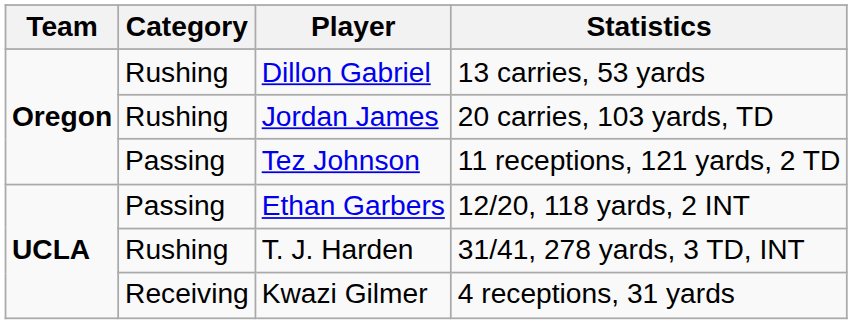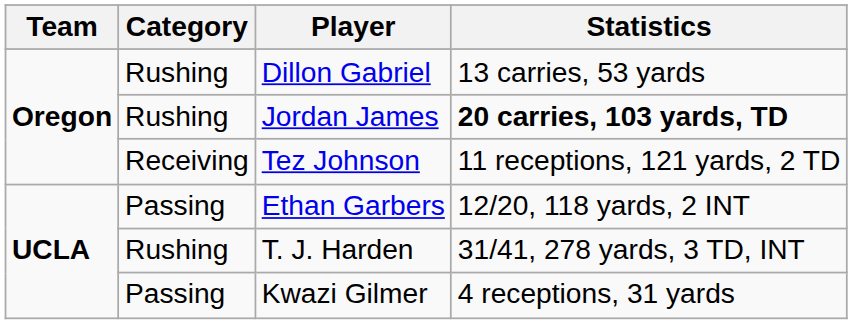 <table class="wikitable" style="float: right;">
 <tr>
 <th>Team</th>
 <th>Category</th>
 <th>Player</th>
 <th>Statistics</th>
 </tr>
 <tr>
 <td rowspan=3><strong>Oregon</strong></td>
 <td>Rushing</td>
 <td><a href='#'>Dillon Gabriel</a></td>
 <td>13 carries, 53 yards</td>
 </tr>
 <tr>
 <td>Rushing</td>
 <td><a href='#'>Jordan James</a></td>
-<td>20 carries, 103 yards, TD</td>
+<td><strong>20 carries, 103 yards, TD</strong></td>
 </tr>
 <tr>
-<td>Passing</td>
+<td>Receiving</td>
 <td><a href='#'>Tez Johnson</a></td>
 <td>11 receptions, 121 yards, 2 TD</td>
 </tr>
 <tr>
 <td rowspan=3><strong>UCLA</strong></td>
 <td>Passing</td>
 <td><a href='#'>Ethan Garbers</a></td>
 <td>12/20, 118 yards, 2 INT</td>
 </tr>
 <tr>
 <td>Rushing</td>
 <td>T. J. Harden</td>
 <td>31/41, 278 yards, 3 TD, INT</td>
 </tr>
 <tr>
-<td>Receiving</td>
+<td>Passing</td>
 <td>Kwazi Gilmer</td>
 <td>4 receptions, 31 yards</td>
 </tr>
 </table>
